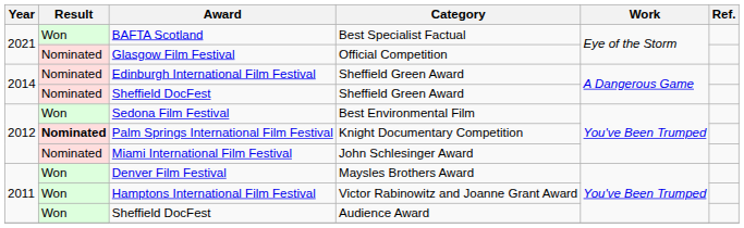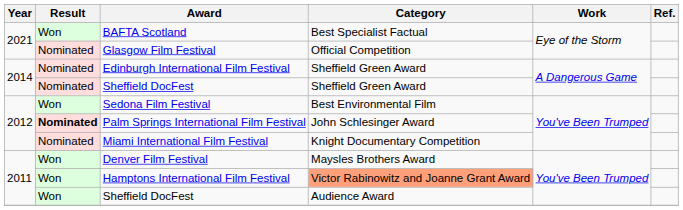 <table class="wikitable">
 <tr>
 <th>Year</th>
 <th>Result</th>
 <th>Award</th>
 <th>Category</th>
 <th>Work</th>
 <th>Ref.</th>
 </tr>
 <tr>
 <td rowspan="2">2021</td>
 <td style="background: #ddffdd">Won</td>
 <td><a href='#'>BAFTA Scotland</a></td>
 <td>Best Specialist Factual</td>
 <td rowspan="2"><em>Eye of the Storm</em></td>
 <td></td>
 </tr>
 <tr>
 <td style="background: #ffdddd">Nominated</td>
 <td><a href='#'>Glasgow Film Festival</a></td>
 <td>Official Competition</td>
 <td></td>
 </tr>
 <tr>
 <td rowspan="2">2014</td>
 <td style="background: #ffdddd">Nominated</td>
 <td><a href='#'>Edinburgh International Film Festival</a></td>
 <td>Sheffield Green Award</td>
 <td rowspan="2"><em><a href='#'>A Dangerous Game</a></em></td>
 <td></td>
 </tr>
 <tr>
 <td style="background: #ffdddd">Nominated</td>
 <td><a href='#'>Sheffield DocFest</a></td>
 <td>Sheffield Green Award</td>
 <td></td>
 </tr>
 <tr>
 <td rowspan="3">2012</td>
 <td style="background: #ddffdd">Won</td>
 <td><a href='#'>Sedona Film Festival</a></td>
 <td>Best Environmental Film</td>
 <td rowspan="3"><em><a href='#'>You've Been Trumped</a></em></td>
 <td></td>
 </tr>
 <tr>
 <td style="background: #ffdddd"><strong>Nominated</strong></td>
 <td><a href='#'>Palm Springs International Film Festival</a></td>
-<td>Knight Documentary Competition</td>
+<td>John Schlesinger Award</td>
 <td></td>
 </tr>
 <tr>
 <td style="background: #ffdddd">Nominated</td>
 <td><a href='#'>Miami International Film Festival</a></td>
-<td>John Schlesinger Award</td>
+<td>Knight Documentary Competition</td>
 <td></td>
 </tr>
 <tr>
 <td rowspan="3">2011</td>
 <td style="background: #ddffdd">Won</td>
 <td><a href='#'>Denver Film Festival</a></td>
 <td>Maysles Brothers Award</td>
 <td rowspan="3"><em><a href='#'>You've Been Trumped</a></em></td>
 <td></td>
 </tr>
 <tr>
 <td style="background: #ddffdd">Won</td>
 <td><a href='#'>Hamptons International Film Festival</a></td>
-<td>Victor Rabinowitz and Joanne Grant Award</td>
+<td style="background: lightsalmon;">Victor Rabinowitz and Joanne Grant Award</td>
 <td></td>
 </tr>
 <tr>
 <td style="background: #ddffdd">Won</td>
 <td>Sheffield DocFest</td>
 <td>Audience Award</td>
 <td></td>
 </tr>
 <tr>
 </tr>
 </table>
